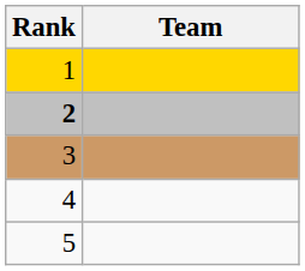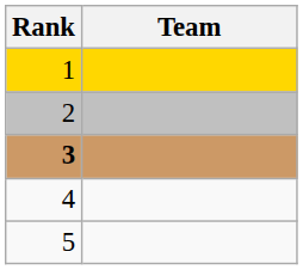 <table class=wikitable>
 <tr>
 <th width=20>Rank</th>
 <th width=120>Team</th>
 </tr>
 <tr bgcolor=gold>
 <td align=right>1</td>
 <td></td>
 </tr>
 <tr bgcolor=silver>
-<td align=right><strong>2</strong></td>
+<td align=right>2</td>
 <td></td>
 </tr>
 <tr bgcolor=#c96>
-<td align=right>3</td>
+<td align=right><strong>3</strong></td>
 <td></td>
 </tr>
 <tr>
 <td align=right>4</td>
 <td></td>
 </tr>
 <tr>
 <td align=right>5</td>
 <td><strong></strong></td>
 </tr>
 </table>
